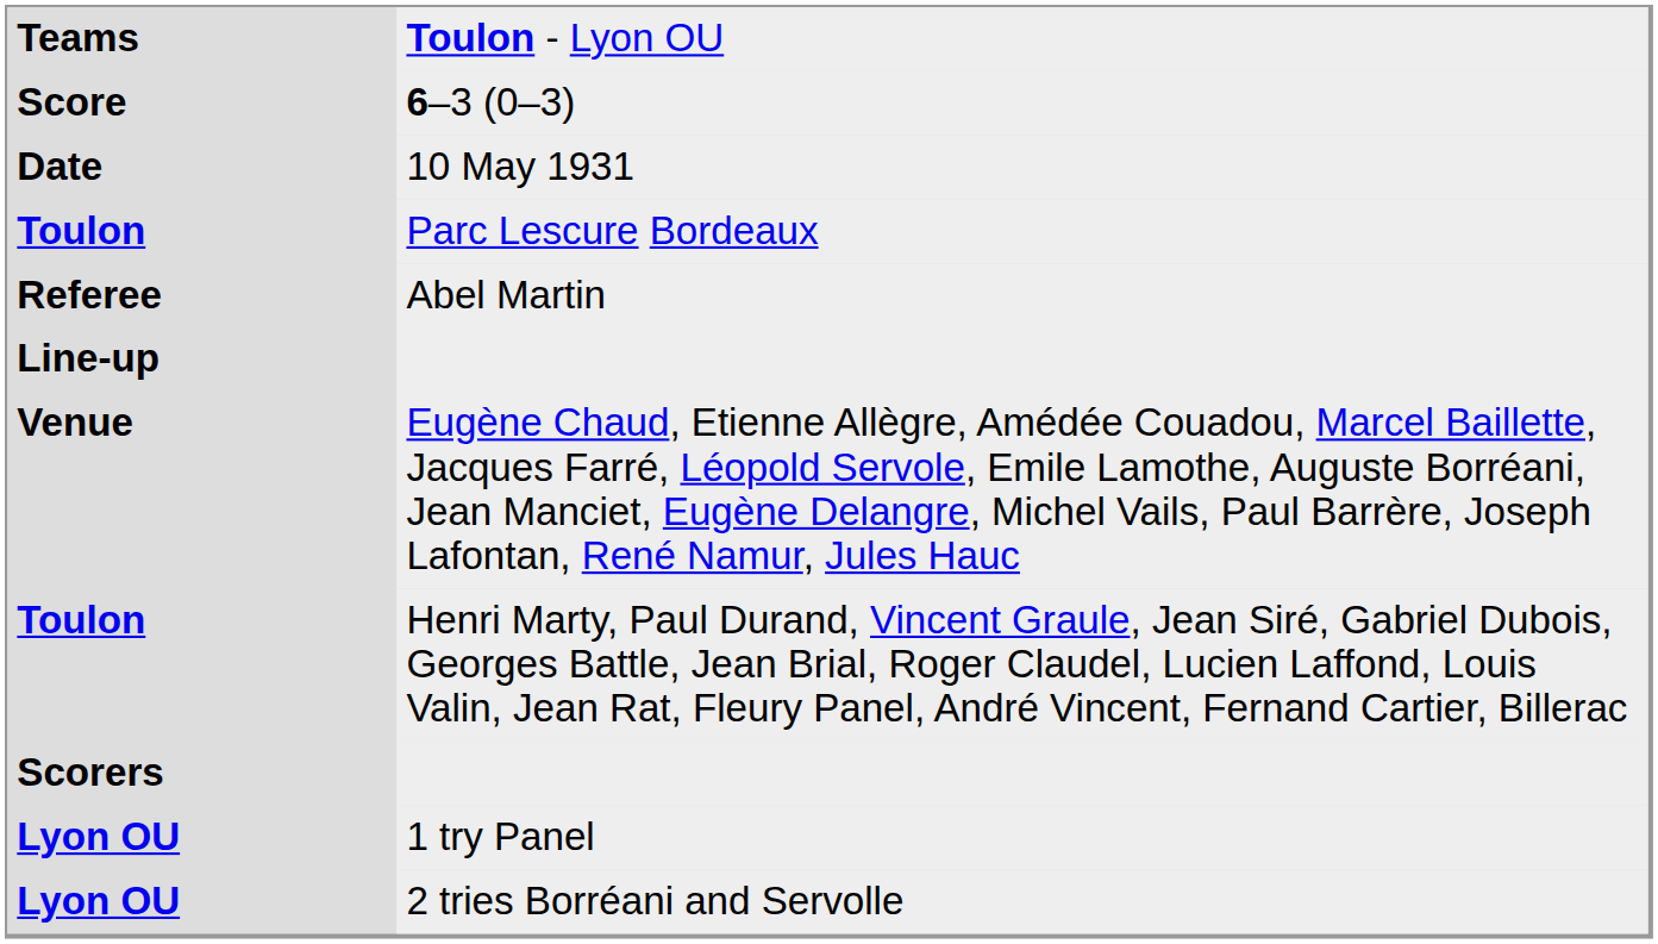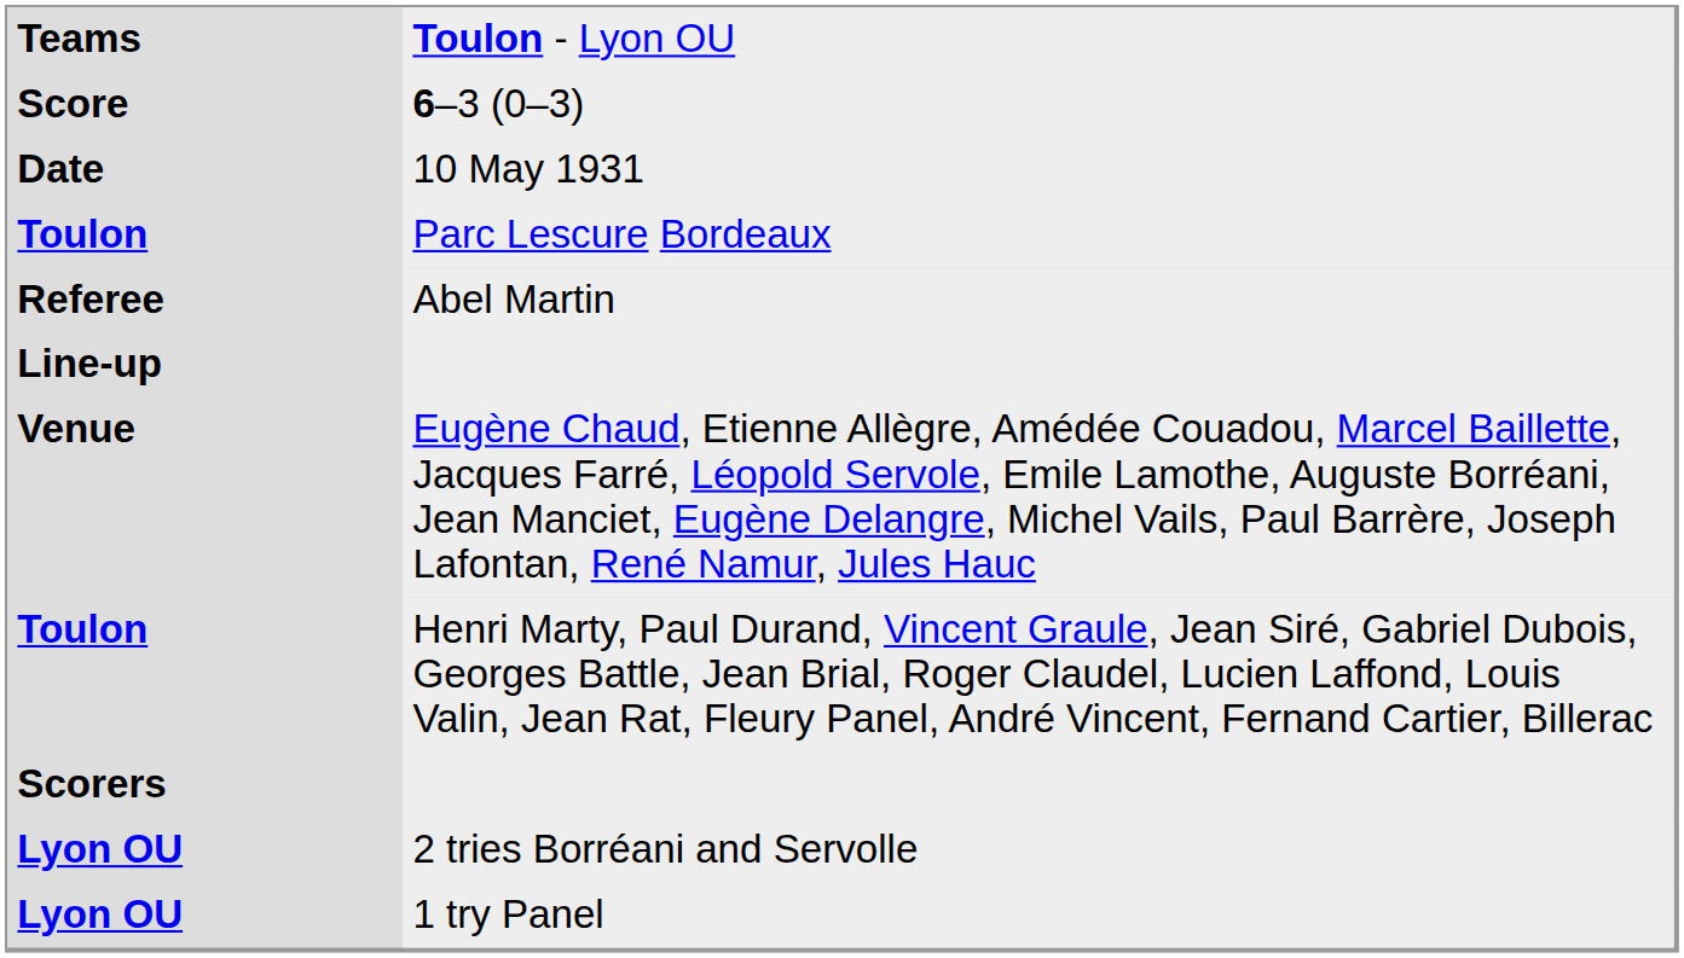 <table align="left" cellpadding="4" cellspacing="0"  style="margin: 0 0 0 0; border: 1px solid #999; border-right-width: 2px; border-bottom-width: 2px; background-color: #DDDDDD">
 <tr>
 <td width="150" valign="top"><strong>Teams</strong></td>
 <td width="500" bgcolor=#EEEEEE><strong><a href='#'>Toulon</a></strong> - <a href='#'>Lyon OU</a></td>
 </tr>
 <tr>
 <td valign="top"><strong>Score</strong></td>
 <td bgcolor=#EEEEEE><strong>6</strong>–3 (0–3)</td>
 </tr>
 <tr>
 <td valign="top"><strong>Date</strong></td>
 <td bgcolor=#EEEEEE>10 May 1931</td>
 </tr>
 <tr>
 <td valign="top"><strong><a href='#'>Toulon</a> </strong></td>
 <td bgcolor=#EEEEEE><a href='#'>Parc Lescure</a>  <a href='#'>Bordeaux</a></td>
 </tr>
 <tr>
 <td valign="top"><strong>Referee</strong></td>
 <td bgcolor=#EEEEEE>Abel Martin</td>
 </tr>
 <tr>
 <td valign="top"><strong>Line-up</strong></td>
 <td bgcolor=#EEEEEE></td>
 </tr>
 <tr>
 <td valign="top"><strong>Venue</strong></td>
 <td bgcolor=#EEEEEE><a href='#'>Eugène Chaud</a>, Etienne Allègre, Amédée Couadou, <a href='#'>Marcel Baillette</a>, Jacques Farré, <a href='#'>Léopold Servole</a>, Emile Lamothe, Auguste Borréani, Jean Manciet, <a href='#'>Eugène Delangre</a>, Michel Vails, Paul Barrère, Joseph Lafontan, <a href='#'>René Namur</a>, <a href='#'>Jules Hauc</a></td>
 </tr>
 <tr>
 <td valign="top"><strong><a href='#'>Toulon</a> </strong></td>
 <td bgcolor=#EEEEEE>Henri Marty, Paul Durand, <a href='#'>Vincent Graule</a>, Jean Siré, Gabriel Dubois, Georges Battle, Jean Brial, Roger Claudel, Lucien Laffond, Louis Valin, Jean Rat, Fleury Panel, André Vincent, Fernand Cartier, Billerac</td>
 </tr>
 <tr>
 <td valign="top"><strong>Scorers</strong></td>
 <td bgcolor=#EEEEEE></td>
 </tr>
 <tr>
 <td valign="top"><strong><a href='#'>Lyon OU</a>  </strong></td>
-<td bgcolor=#EEEEEE>1 try Panel</td>
+<td bgcolor=#EEEEEE>2 tries Borréani and Servolle</td>
 </tr>
 <tr>
 <td valign="top"><strong><a href='#'>Lyon OU</a>  </strong></td>
-<td bgcolor=#EEEEEE>2 tries Borréani and Servolle</td>
+<td bgcolor=#EEEEEE>1 try Panel</td>
 </tr>
 </table>
